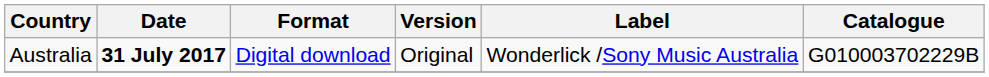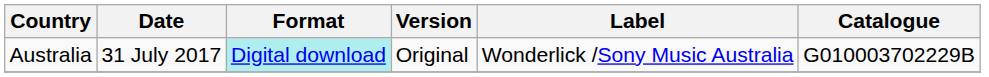 <table class="wikitable">
 <tr>
 <th>Country</th>
 <th>Date</th>
 <th>Format</th>
 <th>Version</th>
 <th>Label</th>
 <th>Catalogue</th>
 </tr>
 <tr>
 <td>Australia</td>
-<td><strong>31 July 2017</strong></td>
-<td><a href='#'>Digital download</a></td>
+<td>31 July 2017</td>
+<td style="background: paleturquoise;"><a href='#'>Digital download</a></td>
 <td>Original</td>
 <td>Wonderlick /<a href='#'>Sony Music Australia</a></td>
 <td>G010003702229B</td>
 </tr>
 <tr>
 </tr>
 </table>
